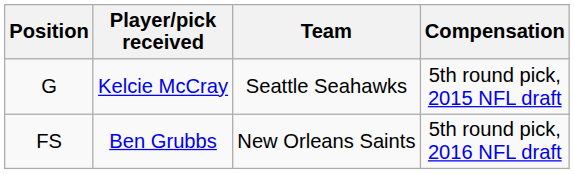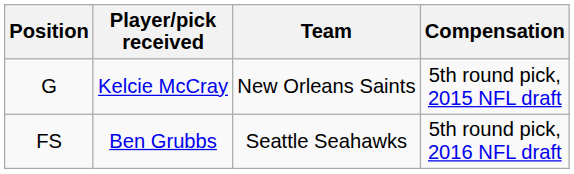 <table class="wikitable sortable" style="text-align:center">
 <tr>
 <th>Position</th>
 <th>Player/pick<br>received</th>
 <th>Team</th>
 <th>Compensation</th>
 </tr>
 <tr>
 <td>G</td>
 <td><a href='#'>Kelcie McCray</a></td>
-<td>Seattle Seahawks</td>
+<td>New Orleans Saints</td>
 <td>5th round pick,<br><a href='#'>2015 NFL draft</a></td>
 </tr>
 <tr>
 <td>FS</td>
 <td><a href='#'>Ben Grubbs</a></td>
-<td>New Orleans Saints</td>
+<td>Seattle Seahawks</td>
 <td>5th round pick,<br><a href='#'>2016 NFL draft</a></td>
 </tr>
 </table>
